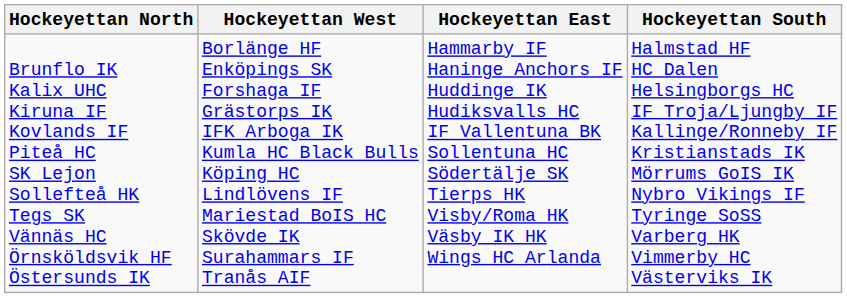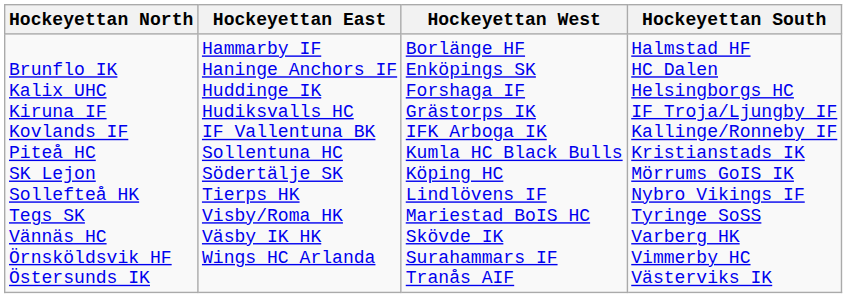 <table class="wikitable">
 <tr>
 <th>Hockeyettan North</th>
+<th>Hockeyettan East</th>
 <th>Hockeyettan West</th>
-<th>Hockeyettan East</th>
 <th>Hockeyettan South</th>
 </tr>
 <tr>
 <td valign=top><br><a href='#'>Brunflo IK</a><br><a href='#'>Kalix UHC</a><br><a href='#'>Kiruna IF</a><br><a href='#'>Kovlands IF</a><br><a href='#'>Piteå HC</a><br><a href='#'>SK Lejon</a><br><a href='#'>Sollefteå HK</a><br><a href='#'>Tegs SK</a><br><a href='#'>Vännäs HC</a><br><a href='#'>Örnsköldsvik HF</a><br><a href='#'>Östersunds IK</a></td>
+<td valign=top><a href='#'>Hammarby IF</a><br><a href='#'>Haninge Anchors IF</a><br><a href='#'>Huddinge IK</a><br><a href='#'>Hudiksvalls HC</a><br><a href='#'>IF Vallentuna BK</a><br><a href='#'>Sollentuna HC</a><br><a href='#'>Södertälje SK</a><br><a href='#'>Tierps HK</a><br><a href='#'>Visby/Roma HK</a><br><a href='#'>Väsby IK HK</a><br><a href='#'>Wings HC Arlanda</a><br></td>
 <td valign=top><a href='#'>Borlänge HF</a><br><a href='#'>Enköpings SK</a><br><a href='#'>Forshaga IF</a><br><a href='#'>Grästorps IK</a><br><a href='#'>IFK Arboga IK</a><br><a href='#'>Kumla HC Black Bulls</a><br><a href='#'>Köping HC</a><br><a href='#'>Lindlövens IF</a><br><a href='#'>Mariestad BoIS HC</a><br><a href='#'>Skövde IK</a><br><a href='#'>Surahammars IF</a><br><a href='#'>Tranås AIF</a></td>
-<td valign=top><a href='#'>Hammarby IF</a><br><a href='#'>Haninge Anchors IF</a><br><a href='#'>Huddinge IK</a><br><a href='#'>Hudiksvalls HC</a><br><a href='#'>IF Vallentuna BK</a><br><a href='#'>Sollentuna HC</a><br><a href='#'>Södertälje SK</a><br><a href='#'>Tierps HK</a><br><a href='#'>Visby/Roma HK</a><br><a href='#'>Väsby IK HK</a><br><a href='#'>Wings HC Arlanda</a><br></td>
 <td valign=top><a href='#'>Halmstad HF</a><br><a href='#'>HC Dalen</a><br><a href='#'>Helsingborgs HC</a><br><a href='#'>IF Troja/Ljungby IF</a><br><a href='#'>Kallinge/Ronneby IF</a><br><a href='#'>Kristianstads IK</a><br><a href='#'>Mörrums GoIS IK</a><br><a href='#'>Nybro Vikings IF</a><br><a href='#'>Tyringe SoSS</a><br><a href='#'>Varberg HK</a><br><a href='#'>Vimmerby HC</a><br><a href='#'>Västerviks IK</a></td>
 </tr>
 </table>
